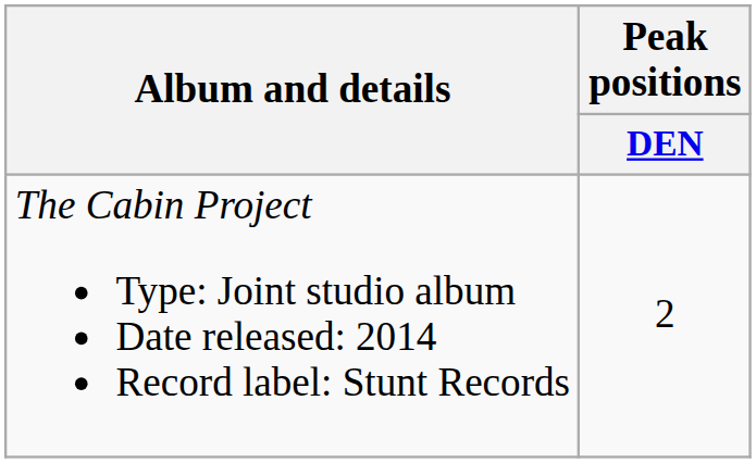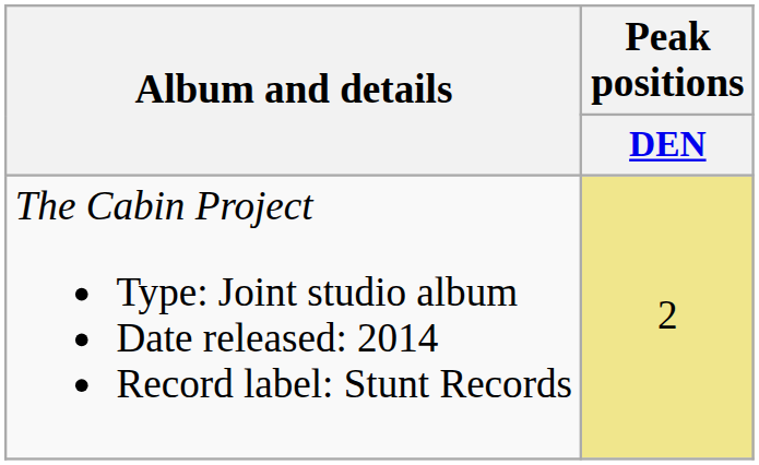 <table class="wikitable">
 <tr>
 <th align="center" rowspan="2" width="220">Album and details</th>
 <th align="center" colspan="1" width="20">Peak positions</th>
 </tr>
 <tr>
 <th scope="col" style="width:3em;font-size:90%;"><a href='#'>DEN</a></th>
 </tr>
 <tr>
 <td><em>The Cabin Project</em><br><ul><li>Type: Joint studio album</li><li>Date released: 2014</li><li>Record label: Stunt Records</li></ul></td>
-<td style="text-align:center;">2</td>
+<td style="background: khaki; text-align:center;">2</td>
 </tr>
 </table>
